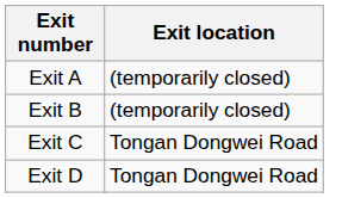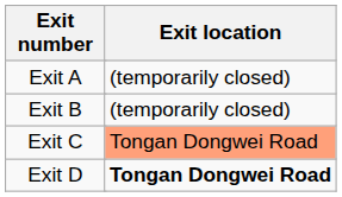 <table class="wikitable">
 <tr>
 <th colspan="2" style="width:70px">Exit number</th>
 <th>Exit location</th>
 </tr>
 <tr>
 <td colspan="2" align="center">Exit A</td>
 <td>(temporarily closed)</td>
 </tr>
 <tr>
 <td colspan="2" align="center">Exit B</td>
 <td>(temporarily closed)</td>
 </tr>
 <tr>
 <td colspan="2" align="center">Exit C</td>
-<td>Tongan Dongwei Road</td>
+<td style="background: lightsalmon;">Tongan Dongwei Road</td>
 </tr>
 <tr>
 <td colspan="2" align="center">Exit D</td>
-<td>Tongan Dongwei Road</td>
+<td><strong>Tongan Dongwei Road</strong></td>
 </tr>
 </table>
